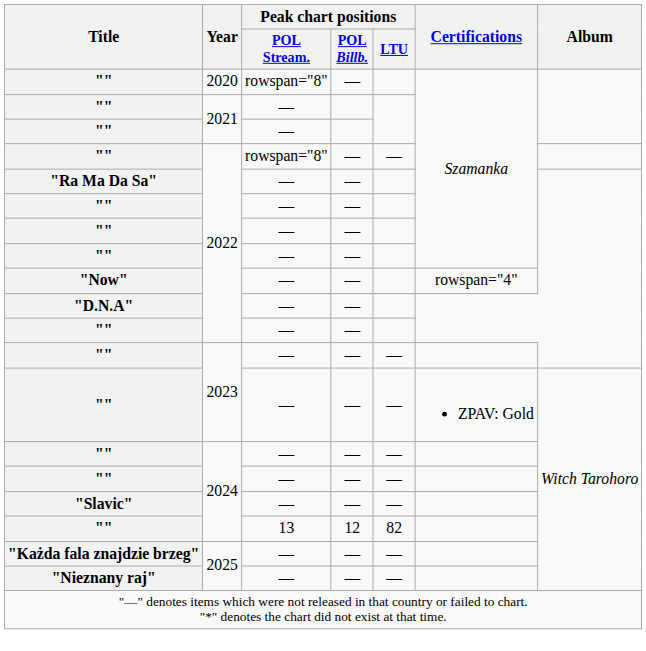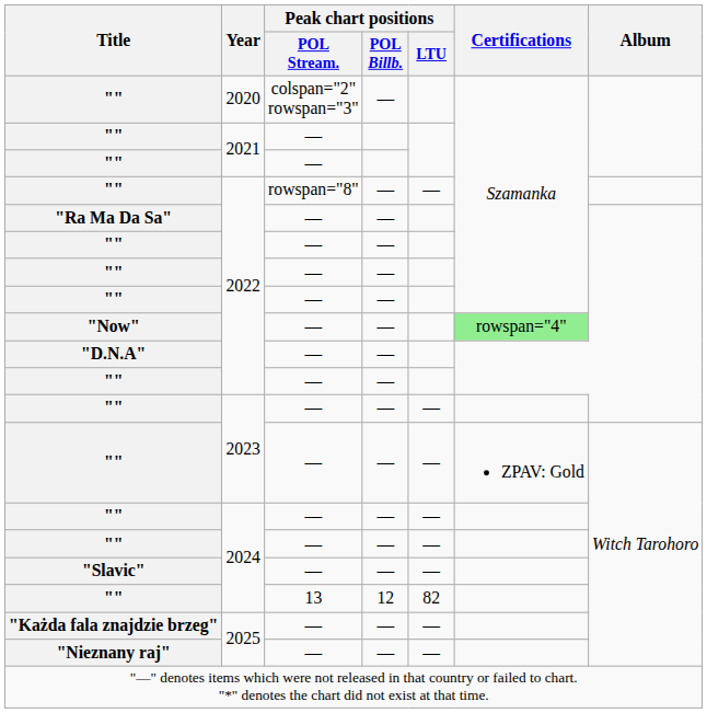 <table class="wikitable plainrowheaders" style="text-align:center;">
 <tr>
 <th scope="col" rowspan="2">Title</th>
 <th scope="col" rowspan="2">Year</th>
 <th scope="col" colspan="3">Peak chart positions</th>
 <th scope="col" rowspan="2"><a href='#'>Certifications</a></th>
 <th scope="col" rowspan="2">Album</th>
 </tr>
 <tr>
 <th scope="col" style="width:2.5em;font-size:90%;"><a href='#'>POL<br>Stream.</a><br></th>
 <th scope="col" style="width:2.5em;font-size:90%;"><a href='#'>POL<br><em>Billb.</em></a><br></th>
 <th scope="col" style="width:2.5em;font-size:90%;"><a href='#'>LTU</a><br></th>
 </tr>
 <tr>
 <th scope="row">""</th>
 <td>2020</td>
-<td>rowspan="8" </td>
+<td>colspan="2" rowspan="3" </td>
 <td>—</td>
 <td></td>
 <td rowspan="8"><em>Szamanka</em></td>
 </tr>
 <tr>
 <th scope="row">""<br></th>
 <td rowspan="2">2021</td>
 <td>—</td>
 <td></td>
 </tr>
 <tr>
 <th scope="row">""<br></th>
 <td>—</td>
 <td></td>
 </tr>
 <tr>
 <th scope="row">""<br></th>
 <td rowspan="8">2022</td>
 <td>rowspan="8" </td>
 <td>—</td>
 <td>—</td>
 <td></td>
 </tr>
 <tr>
 <th scope="row">"Ra Ma Da Sa"</th>
 <td>—</td>
 <td>—</td>
 <td></td>
 </tr>
 <tr>
 <th scope="row">""<br></th>
 <td>—</td>
 <td>—</td>
 <td></td>
 </tr>
 <tr>
 <th scope="row">""</th>
 <td>—</td>
 <td>—</td>
 <td></td>
 </tr>
 <tr>
 <th scope="row">""<br></th>
 <td>—</td>
 <td>—</td>
 <td></td>
 </tr>
 <tr>
 <th scope="row">"Now"<br></th>
 <td>—</td>
 <td>—</td>
 <td></td>
-<td>rowspan="4" </td>
+<td style="background: lightgreen;">rowspan="4" </td>
 </tr>
 <tr>
 <th scope="row">"D.N.A"</th>
 <td>—</td>
 <td>—</td>
 <td></td>
 </tr>
 <tr>
 <th scope="row">""</th>
 <td>—</td>
 <td>—</td>
 <td></td>
 </tr>
 <tr>
 <th scope="row">""</th>
 <td rowspan="2">2023</td>
 <td>—</td>
 <td>—</td>
 <td>—</td>
 <td></td>
 </tr>
 <tr>
 <th scope="row">""</th>
 <td>—</td>
 <td>—</td>
 <td>—</td>
 <td><br><ul><li>ZPAV: Gold</li></ul></td>
 <td rowspan="7"><em>Witch Tarohoro</em></td>
 </tr>
 <tr>
 <th scope="row">""</th>
 <td rowspan="4">2024</td>
 <td>—</td>
 <td>—</td>
 <td>—</td>
 <td></td>
 </tr>
 <tr>
 <th scope="row">""</th>
 <td>—</td>
 <td>—</td>
 <td>—</td>
 <td></td>
 </tr>
 <tr>
 <th scope="row">"Slavic"</th>
 <td>—</td>
 <td>—</td>
 <td>—</td>
 <td></td>
 </tr>
 <tr>
 <th scope="row">""</th>
 <td>13</td>
 <td>12</td>
 <td>82</td>
 <td></td>
 </tr>
 <tr>
 <th scope="row">"Każda fala znajdzie brzeg"</th>
 <td rowspan="2">2025</td>
 <td>—</td>
 <td>—</td>
 <td>—</td>
 <td></td>
 </tr>
 <tr>
 <th scope="row">"Nieznany raj"</th>
 <td>—</td>
 <td>—</td>
 <td>—</td>
 <td></td>
 </tr>
 <tr>
 <td colspan="7" style="font-size:85%">"—" denotes items which were not released in that country or failed to chart.<br>"*" denotes the chart did not exist at that time.</td>
 </tr>
 </table>
